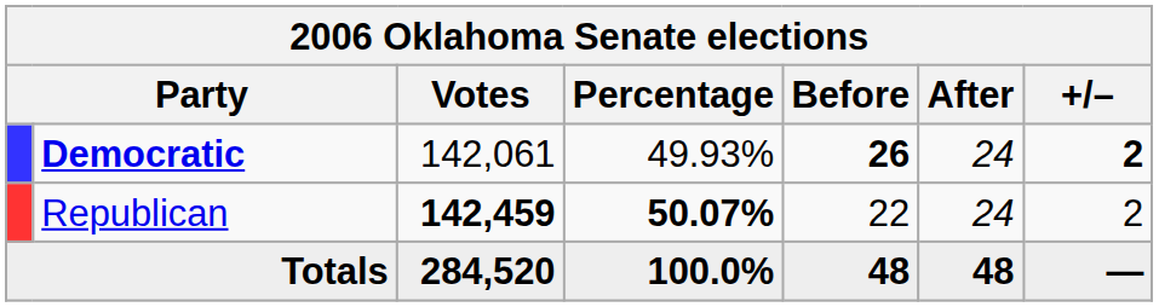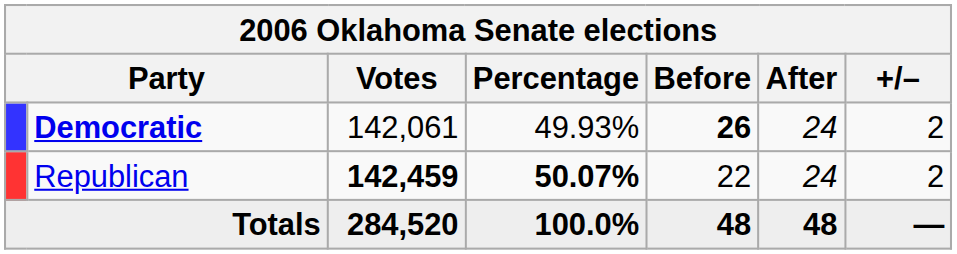 <table class="wikitable" style="font-size:95%;">
 <tr>
 <th colspan="9">2006 Oklahoma Senate elections</th>
 </tr>
 <tr>
 <th colspan=2 style="width: 10em">Party</th>
 <th style="width: 4em">Votes</th>
 <th style="width: 5em">Percentage</th>
 <th style="width: 3em">Before</th>
 <th style="width: 1em">After</th>
 <th style="width: 3em">+/–</th>
 </tr>
 <tr>
 <th style="background:#33f; width:3px;"></th>
 <td style="width: 130px"><strong><a href='#'>Democratic</a></strong></td>
 <td style="text-align:right;">142,061</td>
 <td style="text-align:right;">49.93%</td>
 <td style="text-align:right;"><strong>26</strong></td>
 <td style="text-align:right;"><em>24</em></td>
-<td style="text-align:right;"><strong> 2</strong></td>
+<td style="text-align:right;"> 2</td>
 </tr>
 <tr>
 <th style="background:#f33; width:3px;"></th>
 <td style="width: 130px"><a href='#'>Republican</a></td>
 <td style="text-align:right;"><strong>142,459</strong></td>
 <td style="text-align:right;"><strong>50.07%</strong></td>
 <td style="text-align:right;">22</td>
 <td style="text-align:right;"><em>24</em></td>
 <td style="text-align:right;"> 2</td>
 </tr>
 <tr style="background:#eee; text-align:right;">
 <td colspan="2"><strong>Totals</strong></td>
 <td><strong>284,520</strong></td>
 <td><strong>100.0%</strong></td>
 <td><strong>48</strong></td>
 <td><strong>48</strong></td>
 <td><strong>—</strong></td>
 </tr>
 </table>
